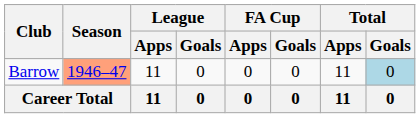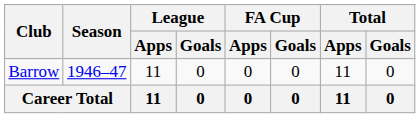 <table class="wikitable" style="text-align: center;">
 <tr>
 <th rowspan="2">Club</th>
 <th rowspan="2">Season</th>
 <th colspan="2">League</th>
 <th colspan="2">FA Cup</th>
 <th colspan="2">Total</th>
 </tr>
 <tr>
 <th>Apps</th>
 <th>Goals</th>
 <th>Apps</th>
 <th>Goals</th>
 <th>Apps</th>
 <th>Goals</th>
 </tr>
 <tr>
 <td><a href='#'>Barrow</a></td>
-<td style="background: lightsalmon;"><a href='#'>1946–47</a></td>
+<td><a href='#'>1946–47</a></td>
 <td>11</td>
 <td>0</td>
 <td>0</td>
 <td>0</td>
 <td>11</td>
-<td style="background: lightblue;">0</td>
+<td>0</td>
 </tr>
 <tr>
 <th colspan="2">Career Total</th>
 <th>11</th>
 <th>0</th>
 <th>0</th>
 <th>0</th>
 <th>11</th>
 <th>0</th>
 </tr>
 </table>
